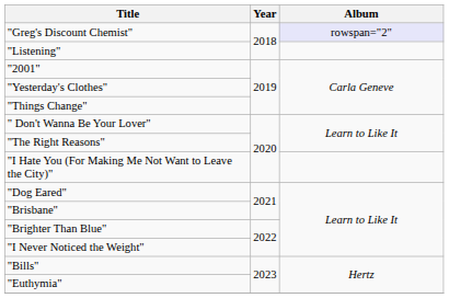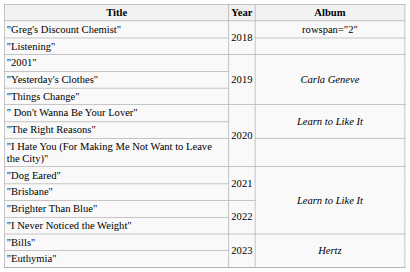 <table class="wikitable" style="text-align:center;">
 <tr>
 <th scope="col">Title</th>
 <th scope="col">Year</th>
 <th scope="col" width="220">Album</th>
 </tr>
 <tr>
 <td align="left">"Greg's Discount Chemist"</td>
 <td rowspan="2">2018</td>
-<td style="background: lavender;">rowspan="2" </td>
+<td>rowspan="2" </td>
 </tr>
 <tr>
 <td align="left">"Listening"</td>
 </tr>
 <tr>
 <td align="left">"2001"</td>
 <td rowspan="3">2019</td>
 <td rowspan="3"><em>Carla Geneve</em></td>
 </tr>
 <tr>
 <td align="left">"Yesterday's Clothes"</td>
 </tr>
 <tr>
 <td align="left">"Things Change"</td>
 </tr>
 <tr>
 <td align="left">" Don't Wanna Be Your Lover"</td>
 <td rowspan="3">2020</td>
 <td rowspan="2"><em>Learn to Like It</em></td>
 </tr>
 <tr>
 <td align="left">"The Right Reasons"</td>
 </tr>
 <tr>
 <td align="left">"I Hate You (For Making Me Not Want to Leave the City)" </td>
 <td></td>
 </tr>
 <tr>
 <td align="left">"Dog Eared"</td>
 <td rowspan="2">2021</td>
 <td rowspan="4"><em>Learn to Like It</em></td>
 </tr>
 <tr>
 <td align="left">"Brisbane"</td>
 </tr>
 <tr>
 <td align="left">"Brighter Than Blue"</td>
 <td rowspan="2">2022</td>
 </tr>
 <tr>
 <td align="left">"I Never Noticed the Weight"</td>
 </tr>
 <tr>
 <td align="left">"Bills"</td>
 <td rowspan="2">2023</td>
 <td rowspan="2"><em>Hertz</em></td>
 </tr>
 <tr>
 <td align="left">"Euthymia"</td>
 </tr>
 <tr>
 </tr>
 </table>
